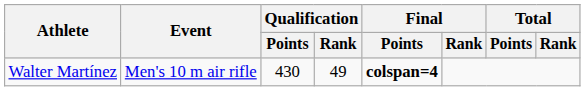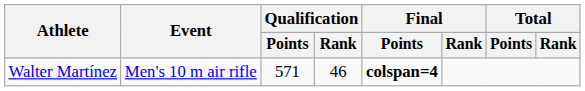 <table class=wikitable style=font-size:90%;text-align:center>
 <tr>
 <th rowspan=2>Athlete</th>
 <th rowspan=2>Event</th>
 <th colspan=2>Qualification</th>
 <th colspan=2>Final</th>
 <th colspan=2>Total</th>
 </tr>
 <tr style=font-size:95%>
 <th>Points</th>
 <th>Rank</th>
 <th>Points</th>
 <th>Rank</th>
 <th>Points</th>
 <th>Rank</th>
 </tr>
 <tr>
 <td align=left><a href='#'>Walter Martínez</a></td>
 <td align=left rowspan=2><a href='#'>Men's 10 m air rifle</a></td>
-<td>430</td>
-<td>49</td>
+<td>571</td>
+<td>46</td>
 <td><strong>colspan=4 </strong></td>
 </tr>
 </table>
